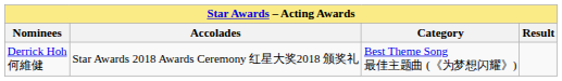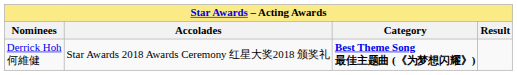 <table class="wikitable sortable">
 <tr>
 <th colspan="4" - style="background:#FAEB86;" align="center"><a href='#'>Star Awards</a> – Acting Awards</th>
 </tr>
 <tr>
 <th>Nominees</th>
 <th>Accolades</th>
 <th>Category</th>
 <th>Result</th>
 </tr>
 <tr>
 <td><a href='#'>Derrick Hoh</a> <br> 何維健</td>
 <td rowspan="13">Star Awards 2018 Awards Ceremony 红星大奖2018 颁奖礼</td>
-<td><a href='#'>Best Theme Song</a> <br> 最佳主题曲 (《为梦想闪耀》)</td>
+<td><strong><a href='#'>Best Theme Song</a> <br> 最佳主题曲 (《为梦想闪耀》)</strong></td>
 <td></td>
 </tr>
 </table>
